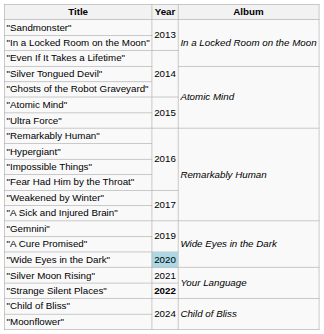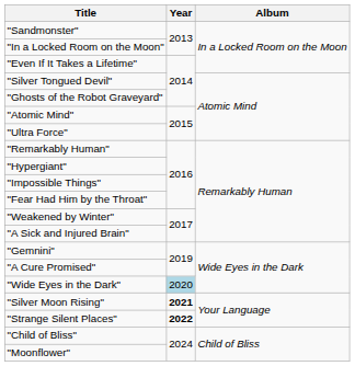 <table class="wikitable">
 <tr>
 <th>Title</th>
 <th>Year</th>
 <th>Album</th>
 </tr>
 <tr>
 <td>"Sandmonster"</td>
 <td rowspan=2>2013</td>
 <td rowspan=3><em>In a Locked Room on the Moon</em></td>
 </tr>
 <tr>
 <td>"In a Locked Room on the Moon"</td>
 </tr>
 <tr>
 <td>"Even If It Takes a Lifetime"</td>
 <td rowspan=3>2014</td>
 </tr>
 <tr>
 <td>"Silver Tongued Devil"<br></td>
 <td rowspan=4><em>Atomic Mind</em></td>
 </tr>
 <tr>
 <td>"Ghosts of the Robot Graveyard"</td>
 </tr>
 <tr>
 <td>"Atomic Mind"</td>
 <td rowspan=2>2015</td>
 </tr>
 <tr>
 <td>"Ultra Force"</td>
 </tr>
 <tr>
 <td>"Remarkably Human"</td>
 <td rowspan=4>2016</td>
 <td rowspan=6><em>Remarkably Human</em></td>
 </tr>
 <tr>
 <td>"Hypergiant"</td>
 </tr>
 <tr>
 <td>"Impossible Things"<br></td>
 </tr>
 <tr>
 <td>"Fear Had Him by the Throat"</td>
 </tr>
 <tr>
 <td>"Weakened by Winter"</td>
 <td rowspan=2>2017</td>
 </tr>
 <tr>
 <td>"A Sick and Injured Brain"</td>
 </tr>
 <tr>
 <td>"Gemnini"</td>
 <td rowspan=2>2019</td>
 <td rowspan=3><em>Wide Eyes in the Dark</em></td>
 </tr>
 <tr>
 <td>"A Cure Promised"</td>
 </tr>
 <tr>
 <td>"Wide Eyes in the Dark"</td>
 <td style="background: lightblue;">2020</td>
 </tr>
 <tr>
 <td>"Silver Moon Rising"</td>
-<td>2021</td>
+<td><strong>2021</strong></td>
 <td rowspan=2><em>Your Language</em></td>
 </tr>
 <tr>
 <td>"Strange Silent Places"</td>
 <td><strong>2022</strong></td>
 </tr>
 <tr>
 <td>"Child of Bliss"</td>
 <td rowspan=2>2024</td>
 <td rowspan=2><em>Child of Bliss</em></td>
 </tr>
 <tr>
 <td>"Moonflower"</td>
 </tr>
 </table>
